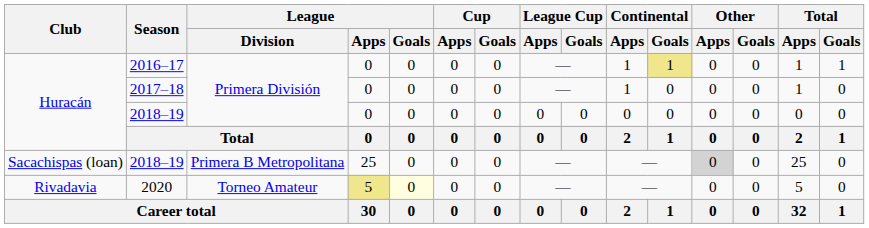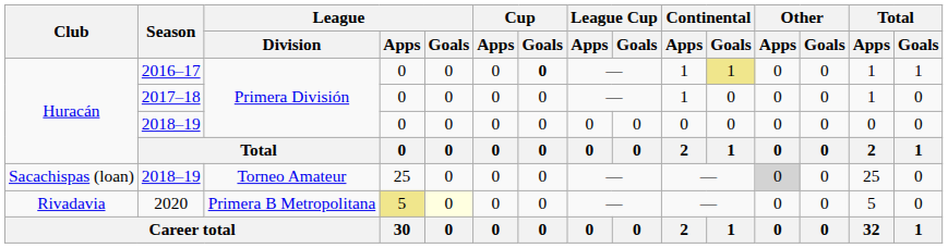 <table class="wikitable" style="text-align:center">
 <tr>
 <th rowspan="2">Club</th>
 <th rowspan="2">Season</th>
 <th colspan="3">League</th>
 <th colspan="2">Cup</th>
 <th colspan="2">League Cup</th>
 <th colspan="2">Continental</th>
 <th colspan="2">Other</th>
 <th colspan="2">Total</th>
 </tr>
 <tr>
 <th>Division</th>
 <th>Apps</th>
 <th>Goals</th>
 <th>Apps</th>
 <th>Goals</th>
 <th>Apps</th>
 <th>Goals</th>
 <th>Apps</th>
 <th>Goals</th>
 <th>Apps</th>
 <th>Goals</th>
 <th>Apps</th>
 <th>Goals</th>
 </tr>
 <tr>
 <td rowspan="4"><a href='#'>Huracán</a></td>
 <td><a href='#'>2016–17</a></td>
 <td rowspan="3"><a href='#'>Primera División</a></td>
 <td>0</td>
 <td>0</td>
 <td>0</td>
-<td>0</td>
+<td><strong>0</strong></td>
 <td colspan="2">—</td>
 <td>1</td>
 <td style="background: khaki;">1</td>
 <td>0</td>
 <td>0</td>
 <td>1</td>
 <td>1</td>
 </tr>
 <tr>
 <td><a href='#'>2017–18</a></td>
 <td>0</td>
 <td>0</td>
 <td>0</td>
 <td>0</td>
 <td colspan="2">—</td>
 <td>1</td>
 <td>0</td>
 <td>0</td>
 <td>0</td>
 <td>1</td>
 <td>0</td>
 </tr>
 <tr>
 <td><a href='#'>2018–19</a></td>
 <td>0</td>
 <td>0</td>
 <td>0</td>
 <td>0</td>
 <td>0</td>
 <td>0</td>
 <td>0</td>
 <td>0</td>
 <td>0</td>
 <td>0</td>
 <td>0</td>
 <td>0</td>
 </tr>
 <tr>
 <th colspan="2">Total</th>
 <th>0</th>
 <th>0</th>
 <th>0</th>
 <th>0</th>
 <th>0</th>
 <th>0</th>
 <th>2</th>
 <th>1</th>
 <th>0</th>
 <th>0</th>
 <th>2</th>
 <th>1</th>
 </tr>
 <tr>
 <td rowspan="1"><a href='#'>Sacachispas</a> (loan)</td>
 <td><a href='#'>2018–19</a></td>
-<td rowspan="1"><a href='#'>Primera B Metropolitana</a></td>
+<td rowspan="1"><a href='#'>Torneo Amateur</a></td>
 <td>25</td>
 <td>0</td>
 <td>0</td>
 <td>0</td>
 <td colspan="2">—</td>
 <td colspan="2">—</td>
 <td style="background: lightgrey;">0</td>
 <td>0</td>
 <td>25</td>
 <td>0</td>
 </tr>
 <tr>
 <td rowspan="1"><a href='#'>Rivadavia</a></td>
 <td>2020</td>
-<td rowspan="1"><a href='#'>Torneo Amateur</a></td>
+<td rowspan="1"><a href='#'>Primera B Metropolitana</a></td>
 <td style="background: khaki;">5</td>
 <td style="background: lightyellow;">0</td>
 <td>0</td>
 <td>0</td>
 <td colspan="2">—</td>
 <td colspan="2">—</td>
 <td>0</td>
 <td>0</td>
 <td>5</td>
 <td>0</td>
 </tr>
 <tr>
 <th colspan="3">Career total</th>
 <th>30</th>
 <th>0</th>
 <th>0</th>
 <th>0</th>
 <th>0</th>
 <th>0</th>
 <th>2</th>
 <th>1</th>
 <th>0</th>
 <th>0</th>
 <th>32</th>
 <th>1</th>
 </tr>
 </table>
